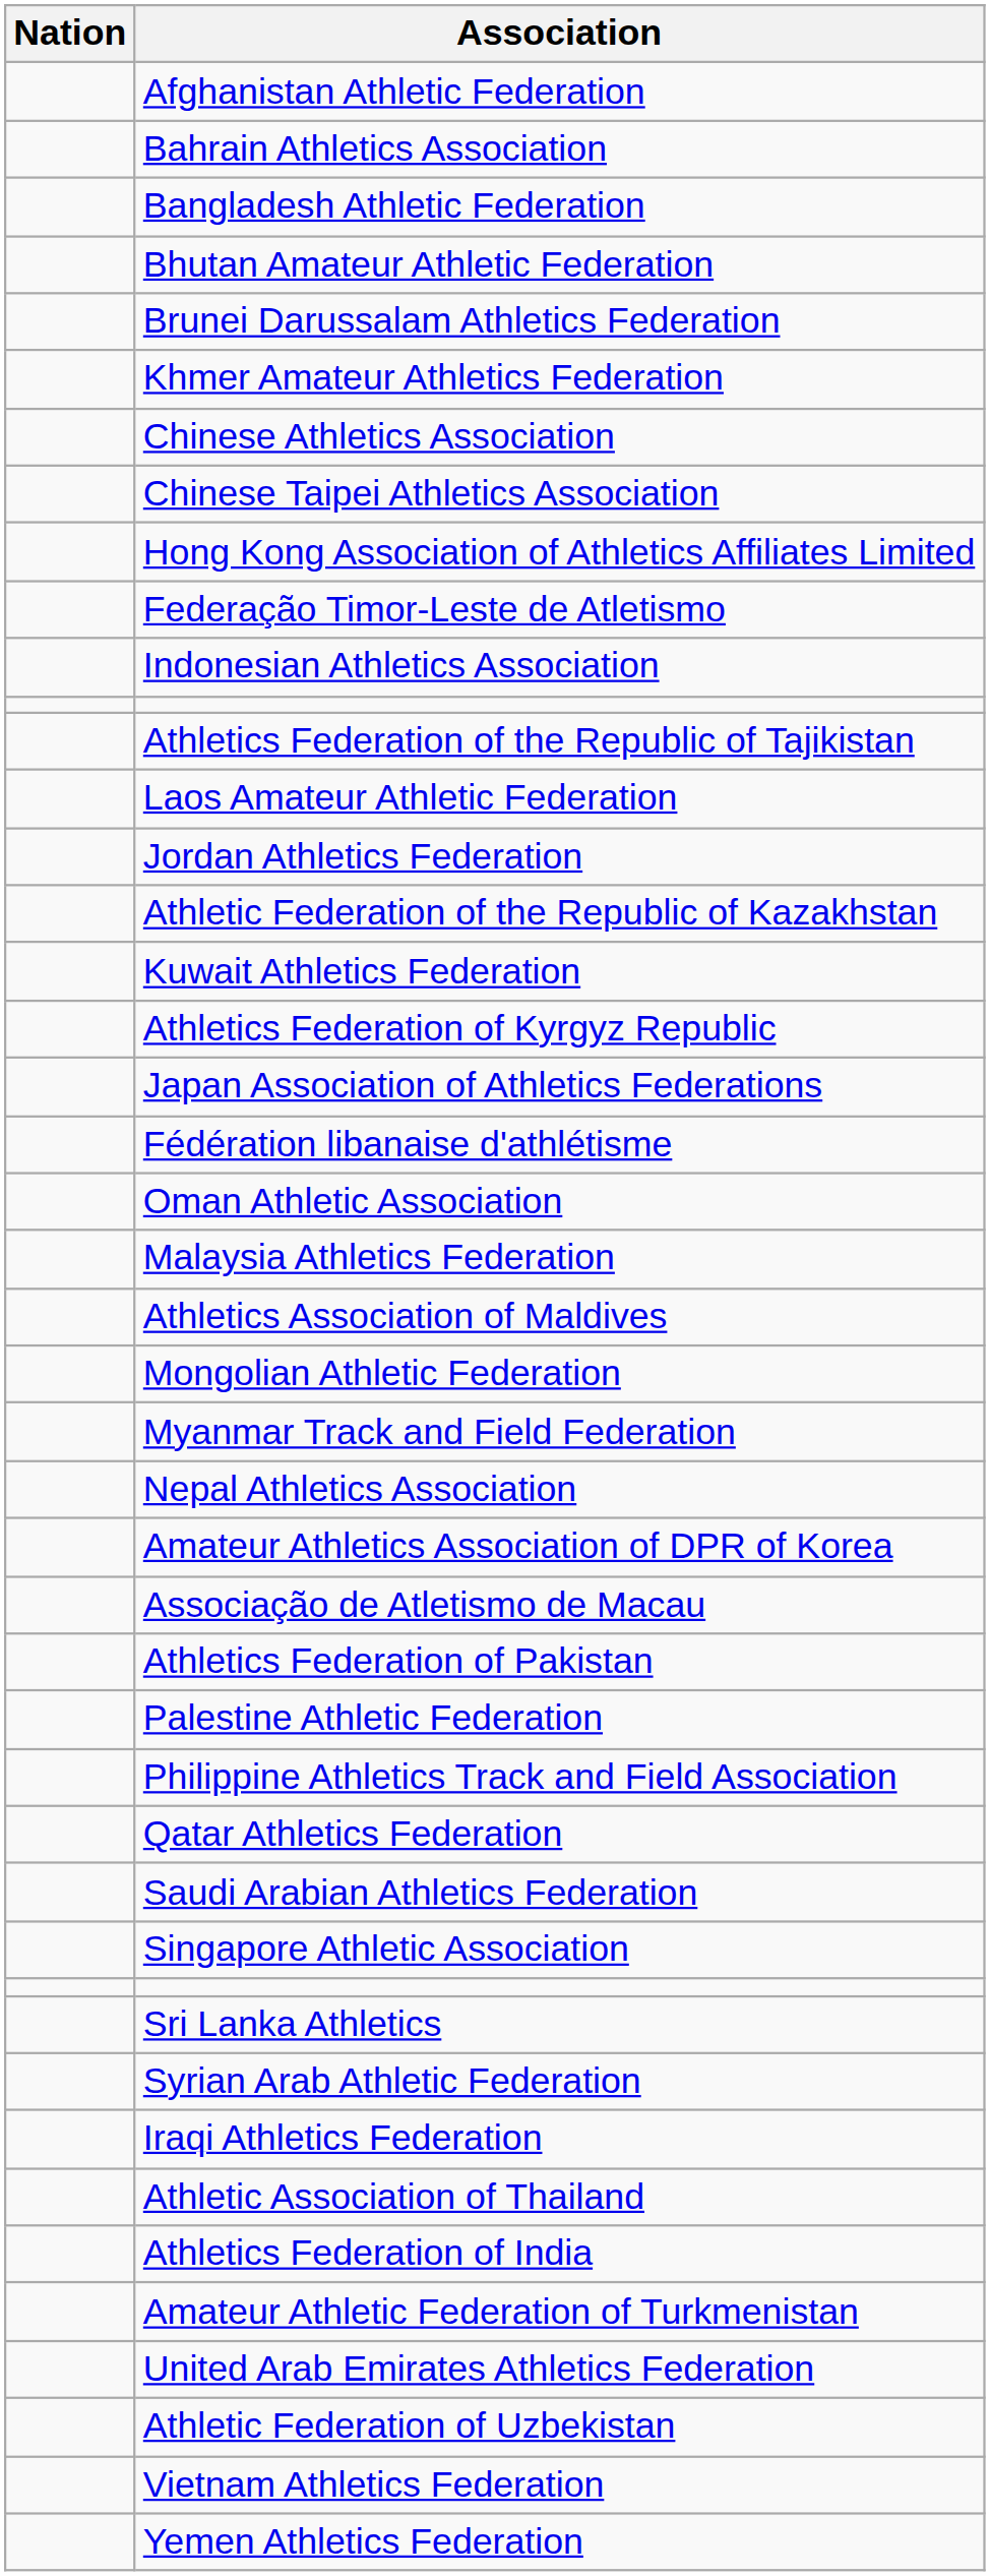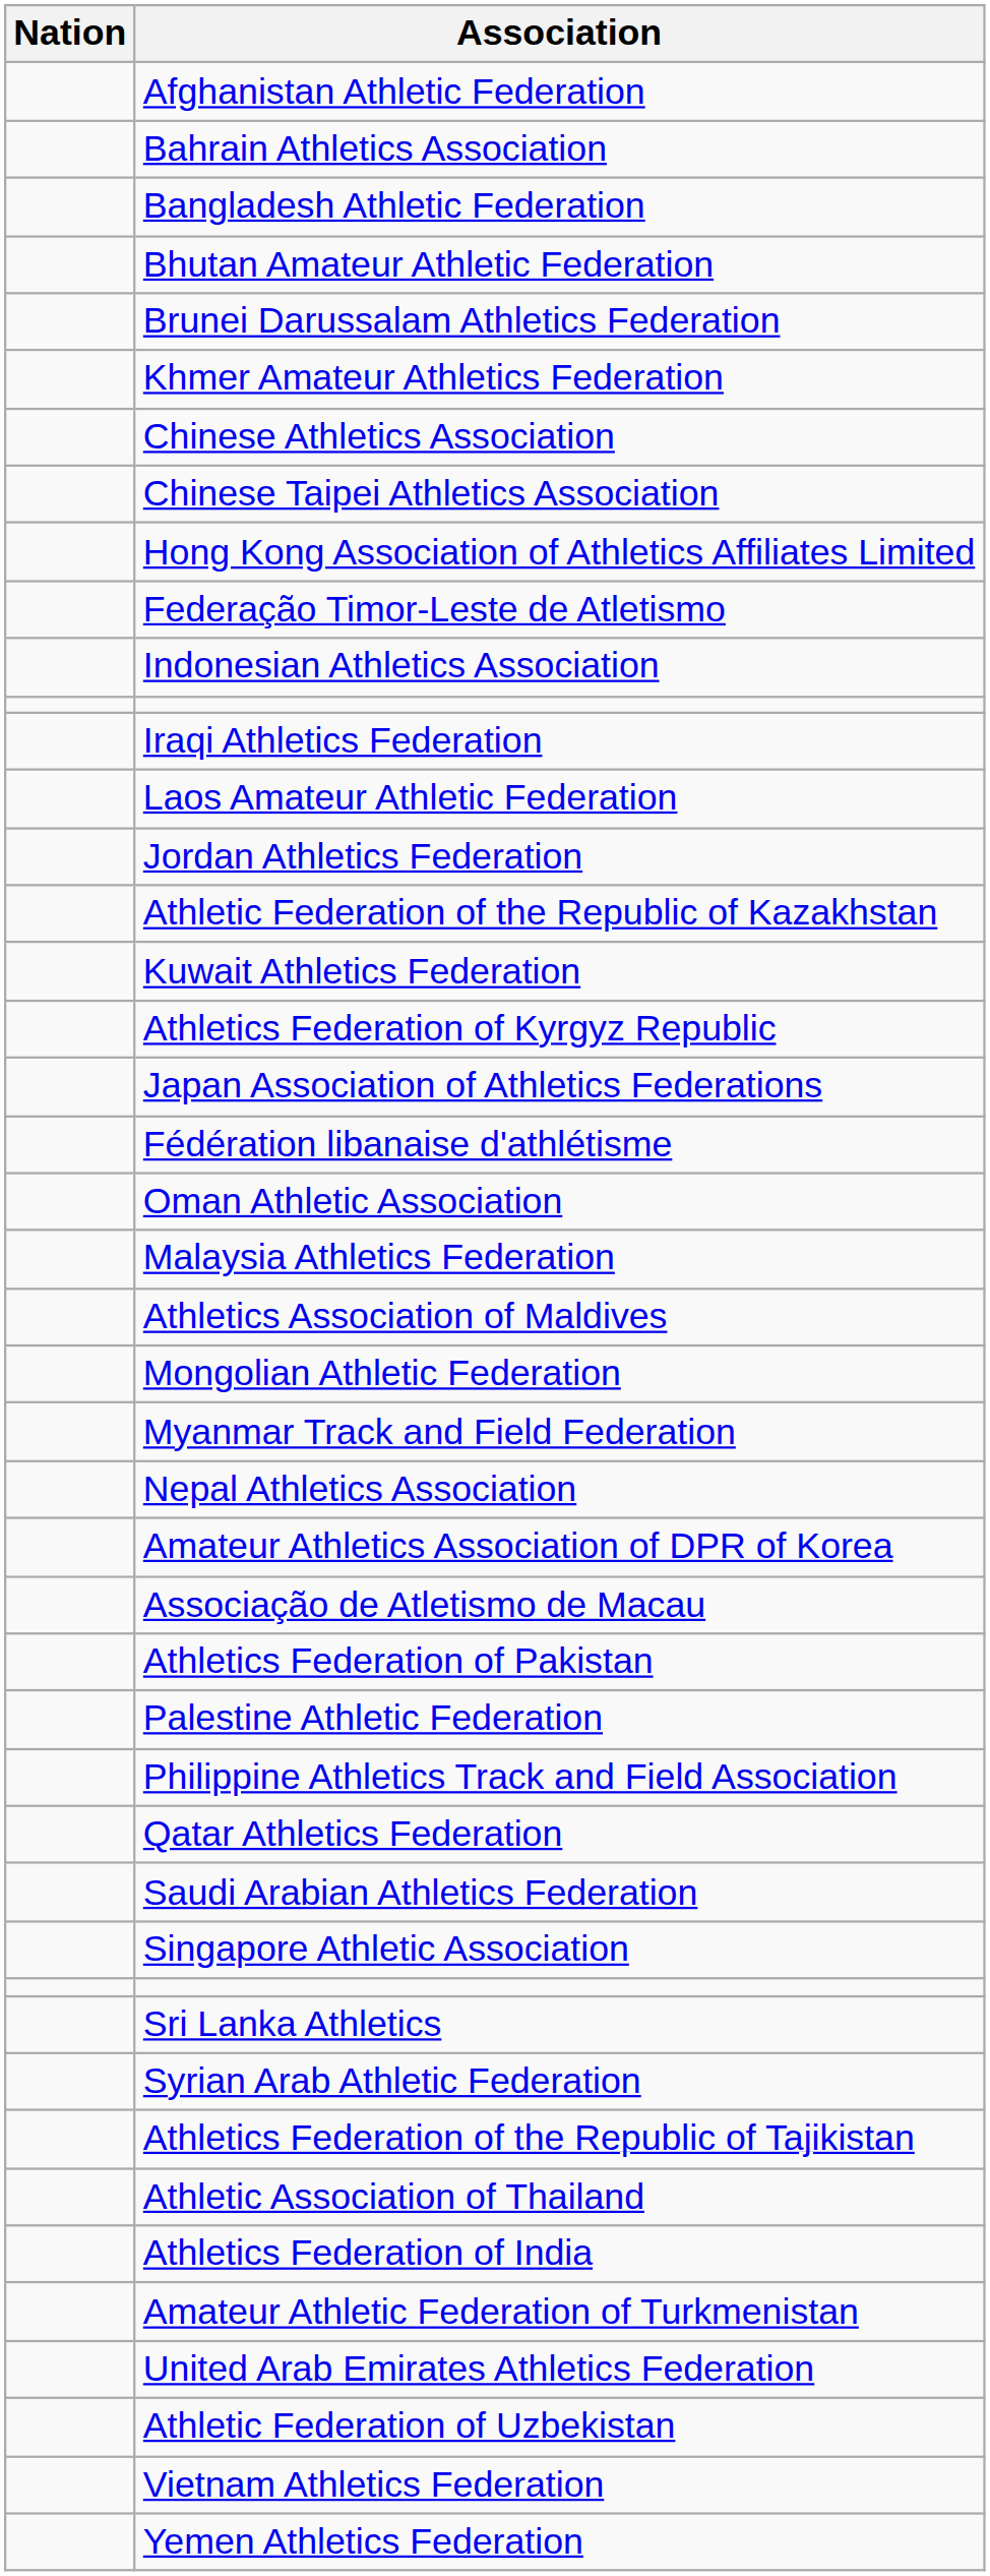 <table class=wikitable>
 <tr>
 <th>Nation</th>
 <th>Association</th>
 </tr>
 <tr>
 <td></td>
 <td><a href='#'>Afghanistan Athletic Federation</a></td>
 </tr>
 <tr>
 <td></td>
 <td><a href='#'>Bahrain Athletics Association</a></td>
 </tr>
 <tr>
 <td></td>
 <td><a href='#'>Bangladesh Athletic Federation</a></td>
 </tr>
 <tr>
 <td></td>
 <td><a href='#'>Bhutan Amateur Athletic Federation</a></td>
 </tr>
 <tr>
 <td></td>
 <td><a href='#'>Brunei Darussalam Athletics Federation</a></td>
 </tr>
 <tr>
 <td></td>
 <td><a href='#'>Khmer Amateur Athletics Federation</a></td>
 </tr>
 <tr>
 <td></td>
 <td><a href='#'>Chinese Athletics Association</a></td>
 </tr>
 <tr>
 <td></td>
 <td><a href='#'>Chinese Taipei Athletics Association</a></td>
 </tr>
 <tr>
 <td></td>
 <td><a href='#'>Hong Kong Association of Athletics Affiliates Limited</a></td>
 </tr>
 <tr>
 <td></td>
 <td><a href='#'>Federação Timor-Leste de Atletismo</a></td>
 </tr>
 <tr>
 <td></td>
 <td><a href='#'>Indonesian Athletics Association</a></td>
 </tr>
 <tr>
 <td></td>
 <td></td>
 </tr>
 <tr>
 <td></td>
-<td><a href='#'>Athletics Federation of the Republic of Tajikistan</a></td>
+<td><a href='#'>Iraqi Athletics Federation</a></td>
 </tr>
 <tr>
 <td></td>
 <td><a href='#'>Laos Amateur Athletic Federation</a></td>
 </tr>
 <tr>
 <td></td>
 <td><a href='#'>Jordan Athletics Federation</a></td>
 </tr>
 <tr>
 <td></td>
 <td><a href='#'>Athletic Federation of the Republic of Kazakhstan</a></td>
 </tr>
 <tr>
 <td></td>
 <td><a href='#'>Kuwait Athletics Federation</a></td>
 </tr>
 <tr>
 <td></td>
 <td><a href='#'>Athletics Federation of Kyrgyz Republic</a></td>
 </tr>
 <tr>
 <td></td>
 <td><a href='#'>Japan Association of Athletics Federations</a></td>
 </tr>
 <tr>
 <td></td>
 <td><a href='#'>Fédération libanaise d'athlétisme</a></td>
 </tr>
 <tr>
 <td></td>
 <td><a href='#'>Oman Athletic Association</a></td>
 </tr>
 <tr>
 <td></td>
 <td><a href='#'>Malaysia Athletics Federation</a></td>
 </tr>
 <tr>
 <td></td>
 <td><a href='#'>Athletics Association of Maldives</a></td>
 </tr>
 <tr>
 <td></td>
 <td><a href='#'>Mongolian Athletic Federation</a></td>
 </tr>
 <tr>
 <td></td>
 <td><a href='#'>Myanmar Track and Field Federation</a></td>
 </tr>
 <tr>
 <td></td>
 <td><a href='#'>Nepal Athletics Association</a></td>
 </tr>
 <tr>
 <td></td>
 <td><a href='#'>Amateur Athletics Association of DPR of Korea</a></td>
 </tr>
 <tr>
 <td></td>
 <td><a href='#'>Associação de Atletismo de Macau</a></td>
 </tr>
 <tr>
 <td></td>
 <td><a href='#'>Athletics Federation of Pakistan</a></td>
 </tr>
 <tr>
 <td></td>
 <td><a href='#'>Palestine Athletic Federation</a></td>
 </tr>
 <tr>
 <td></td>
 <td><a href='#'>Philippine Athletics Track and Field Association</a></td>
 </tr>
 <tr>
 <td></td>
 <td><a href='#'>Qatar Athletics Federation</a></td>
 </tr>
 <tr>
 <td></td>
 <td><a href='#'>Saudi Arabian Athletics Federation</a></td>
 </tr>
 <tr>
 <td></td>
 <td><a href='#'>Singapore Athletic Association</a></td>
 </tr>
 <tr>
 <td></td>
 <td></td>
 </tr>
 <tr>
 <td></td>
 <td><a href='#'>Sri Lanka Athletics</a></td>
 </tr>
 <tr>
 <td></td>
 <td><a href='#'>Syrian Arab Athletic Federation</a></td>
 </tr>
 <tr>
 <td></td>
-<td><a href='#'>Iraqi Athletics Federation</a></td>
+<td><a href='#'>Athletics Federation of the Republic of Tajikistan</a></td>
 </tr>
 <tr>
 <td></td>
 <td><a href='#'>Athletic Association of Thailand</a></td>
 </tr>
 <tr>
 <td></td>
 <td><a href='#'>Athletics Federation of India</a></td>
 </tr>
 <tr>
 <td></td>
 <td><a href='#'>Amateur Athletic Federation of Turkmenistan</a></td>
 </tr>
 <tr>
 <td></td>
 <td><a href='#'>United Arab Emirates Athletics Federation</a></td>
 </tr>
 <tr>
 <td></td>
 <td><a href='#'>Athletic Federation of Uzbekistan</a></td>
 </tr>
 <tr>
 <td></td>
 <td><a href='#'>Vietnam Athletics Federation</a></td>
 </tr>
 <tr>
 <td></td>
 <td><a href='#'>Yemen Athletics Federation</a></td>
 </tr>
 </table>
